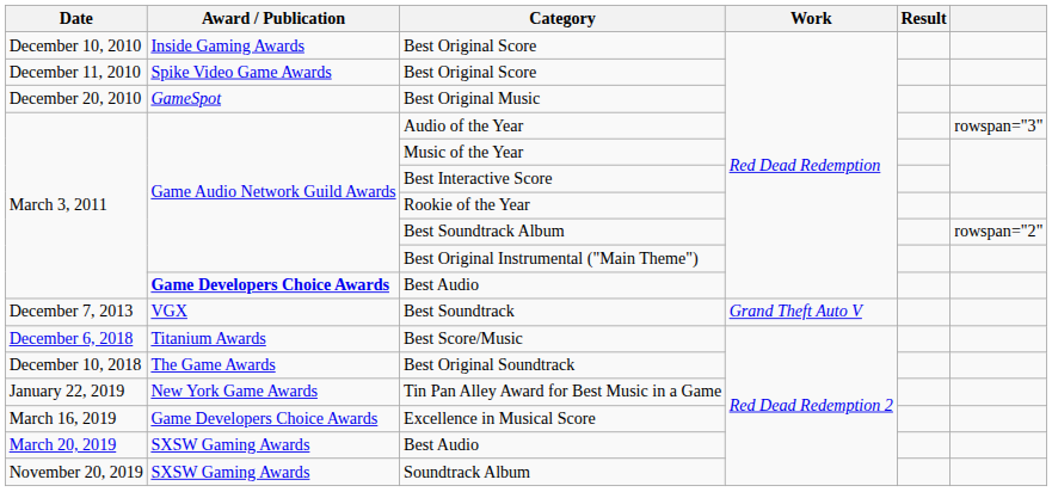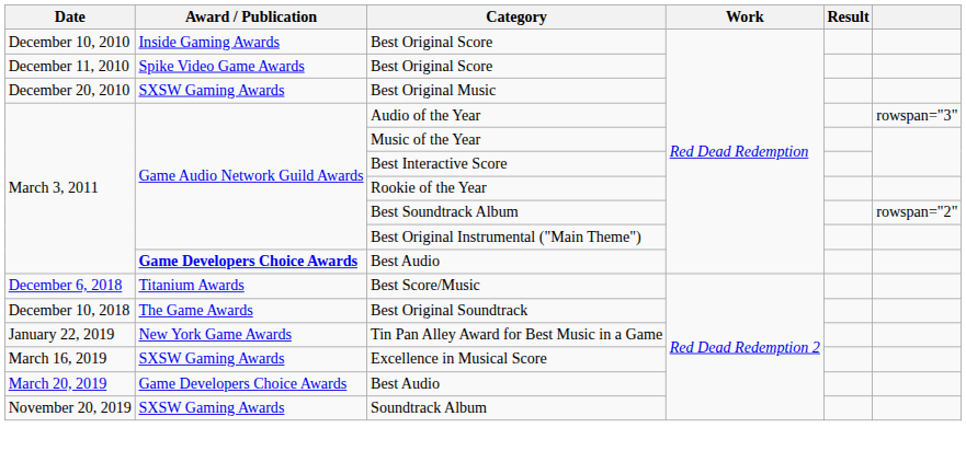 <table class="wikitable plainrowheaders sortable">
 <tr>
 <th scope="col">Date</th>
 <th scope="col">Award / Publication</th>
 <th scope="col">Category</th>
 <th scope="col">Work</th>
 <th scope="col">Result</th>
 <th scope="col" class="unsortable"></th>
 </tr>
 <tr>
 <td>December 10, 2010</td>
 <td><a href='#'>Inside Gaming Awards</a></td>
 <td>Best Original Score</td>
 <td rowspan="10"><em><a href='#'>Red Dead Redemption</a></em></td>
 <td></td>
 <td></td>
 </tr>
 <tr>
 <td>December 11, 2010</td>
 <td><a href='#'>Spike Video Game Awards</a></td>
 <td>Best Original Score</td>
 <td></td>
 <td></td>
 </tr>
 <tr>
 <td>December 20, 2010</td>
-<td><em><a href='#'>GameSpot</a></em></td>
+<td><a href='#'>SXSW Gaming Awards</a></td>
 <td>Best Original Music</td>
 <td></td>
 <td></td>
 </tr>
 <tr>
 <td rowspan="7">March 3, 2011</td>
 <td rowspan="6"><a href='#'>Game Audio Network Guild Awards</a></td>
 <td>Audio of the Year</td>
 <td></td>
 <td>rowspan="3" </td>
 </tr>
 <tr>
 <td>Music of the Year</td>
 <td></td>
 </tr>
 <tr>
 <td>Best Interactive Score</td>
 <td></td>
 </tr>
 <tr>
 <td>Rookie of the Year</td>
 <td></td>
 <td></td>
 </tr>
 <tr>
 <td>Best Soundtrack Album</td>
 <td></td>
 <td>rowspan="2" </td>
 </tr>
 <tr>
 <td>Best Original Instrumental ("Main Theme")</td>
 <td></td>
 </tr>
 <tr>
 <td><strong><a href='#'>Game Developers Choice Awards</a></strong></td>
 <td>Best Audio</td>
 <td></td>
 <td></td>
 </tr>
 <tr>
-<td>December 7, 2013</td>
-<td><a href='#'>VGX</a></td>
-<td>Best Soundtrack</td>
-<td><em><a href='#'>Grand Theft Auto V</a></em></td>
-<td></td>
-<td></td>
-</tr>
-<tr>
 <td><a href='#'>December 6, 2018</a></td>
 <td><a href='#'>Titanium Awards</a></td>
 <td>Best Score/Music</td>
 <td rowspan="6"><em><a href='#'>Red Dead Redemption 2</a></em></td>
 <td></td>
 <td></td>
 </tr>
 <tr>
 <td>December 10, 2018</td>
 <td><a href='#'>The Game Awards</a></td>
 <td>Best Original Soundtrack</td>
 <td></td>
 <td></td>
 </tr>
 <tr>
 <td>January 22, 2019</td>
 <td><a href='#'>New York Game Awards</a></td>
 <td>Tin Pan Alley Award for Best Music in a Game</td>
 <td></td>
 <td></td>
 </tr>
 <tr>
 <td>March 16, 2019</td>
-<td><a href='#'>Game Developers Choice Awards</a></td>
+<td><a href='#'>SXSW Gaming Awards</a></td>
 <td>Excellence in Musical Score</td>
 <td></td>
 <td></td>
 </tr>
 <tr>
 <td><a href='#'>March 20, 2019</a></td>
-<td><a href='#'>SXSW Gaming Awards</a></td>
+<td><a href='#'>Game Developers Choice Awards</a></td>
 <td>Best Audio</td>
 <td></td>
 <td></td>
 </tr>
 <tr>
 <td>November 20, 2019</td>
 <td><a href='#'>SXSW Gaming Awards</a></td>
 <td>Soundtrack Album</td>
 <td></td>
 <td></td>
 </tr>
 </table>
